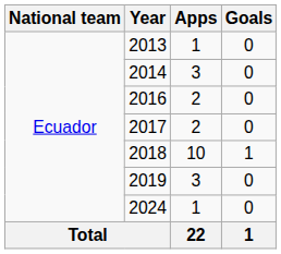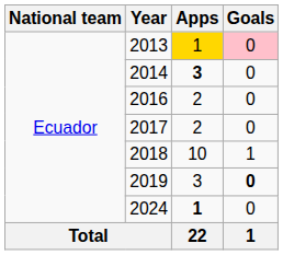 <table class="wikitable" style="text-align: center;">
 <tr>
 <th>National team</th>
 <th>Year</th>
 <th>Apps</th>
 <th>Goals</th>
 </tr>
 <tr>
 <td rowspan="7"><a href='#'>Ecuador</a></td>
 <td>2013</td>
-<td>1</td>
-<td>0</td>
+<td style="background: gold;">1</td>
+<td style="background: pink;">0</td>
 </tr>
 <tr>
 <td>2014</td>
-<td>3</td>
+<td><strong>3</strong></td>
 <td>0</td>
 </tr>
 <tr>
 <td>2016</td>
 <td>2</td>
 <td>0</td>
 </tr>
 <tr>
 <td>2017</td>
 <td>2</td>
 <td>0</td>
 </tr>
 <tr>
 <td>2018</td>
 <td>10</td>
 <td>1</td>
 </tr>
 <tr>
 <td>2019</td>
 <td>3</td>
-<td>0</td>
+<td><strong>0</strong></td>
 </tr>
 <tr>
 <td>2024</td>
-<td>1</td>
+<td><strong>1</strong></td>
 <td>0</td>
 </tr>
 <tr>
 <th colspan="2">Total</th>
 <th>22</th>
 <th>1</th>
 </tr>
 </table>
